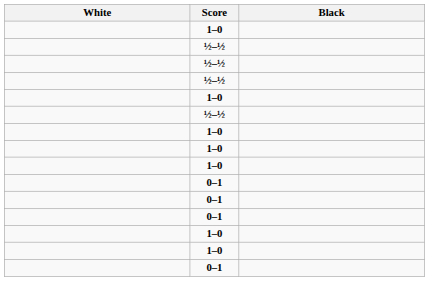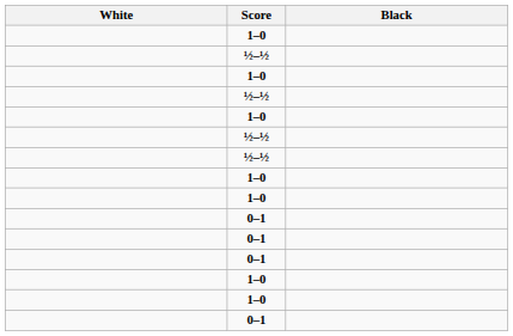 <table class="wikitable" style="text-align: center;">
 <tr>
 <th align="right" width="270">White</th>
 <th width="65">Score</th>
 <th align="left" width="270">Black</th>
 </tr>
 <tr>
 <td align=left><strong></strong></td>
 <td align=center><strong>1–0</strong></td>
 <td align=left></td>
 </tr>
 <tr>
 <td align=left><strong></strong></td>
 <td align=center><strong>½–½</strong></td>
 <td align=left></td>
 </tr>
 <tr>
 <td align=left></td>
-<td align=center><strong>½–½</strong></td>
+<td align=center><strong>1–0</strong></td>
 <td align=left></td>
 </tr>
 <tr>
 <td align=left></td>
 <td align=center><strong>½–½</strong></td>
 <td align=left></td>
 </tr>
 <tr>
 <td align=left><strong></strong></td>
 <td align=center><strong>1–0</strong></td>
 <td align=left></td>
 </tr>
 <tr>
 <td align=left></td>
 <td align=center><strong>½–½</strong></td>
 <td align=left></td>
 </tr>
 <tr>
 <td align=left></td>
-<td align=center><strong>1–0</strong></td>
+<td align=center><strong>½–½</strong></td>
 <td align=left></td>
 </tr>
 <tr>
 <td align=left><strong></strong></td>
 <td align=center><strong>1–0</strong></td>
 <td align=left></td>
 </tr>
 <tr>
 <td align=left></td>
 <td align=center><strong>1–0</strong></td>
 <td align=left><strong></strong></td>
 </tr>
 <tr>
 <td align=left></td>
 <td align=center><strong>0–1</strong></td>
 <td align=left><strong></strong></td>
 </tr>
 <tr>
 <td align=left><strong></strong></td>
 <td align=center><strong>0–1</strong></td>
 <td align=left></td>
 </tr>
 <tr>
 <td align=left></td>
 <td align=center><strong>0–1</strong></td>
 <td align=left><strong></strong></td>
 </tr>
 <tr>
 <td align=left><strong></strong></td>
 <td align=center><strong>1–0</strong></td>
 <td align=left></td>
 </tr>
 <tr>
 <td align=left></td>
 <td align=center><strong>1–0</strong></td>
 <td align=left></td>
 </tr>
 <tr>
 <td align=left></td>
 <td align=center><strong>0–1</strong></td>
 <td align=left><strong></strong></td>
 </tr>
 </table>
